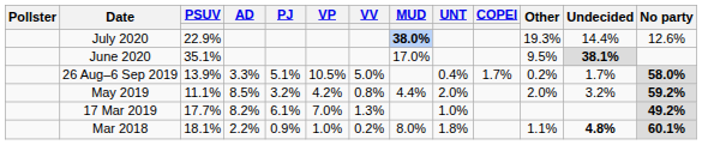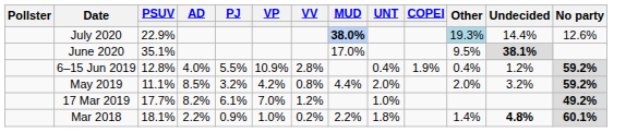 <table class="wikitable sortable" style="text-align:center;font-size:95%;line-height:14px;">
 <tr>
 <th rowspan="2">Pollster</th>
 <th rowspan="2">Date</th>
 <th style="width:40px;"><a href='#'>PSUV</a></th>
 <th style="width:40px;"><a href='#'>AD</a></th>
 <th style="width:40px;"><a href='#'>PJ</a></th>
 <th style="width:40px;"><a href='#'>VP</a></th>
 <th style="width:40px;"><a href='#'>VV</a></th>
 <th style="width:40px;"><a href='#'>MUD</a></th>
 <th style="width:40px;"><a href='#'>UNT</a></th>
 <th style="width:40px;"><a href='#'>COPEI</a></th>
 <th rowspan="2">Other</th>
 <th rowspan="2">Undecided</th>
 <th rowspan="2">No party</th>
 </tr>
 <tr>
 <th style="background:"></th>
 <th style="background:"></th>
 <th style="background:"></th>
 <th style="background:"></th>
 <th style="background:"></th>
 <th style="background:"></th>
 <th style="background:"></th>
 <th style="background:"></th>
 </tr>
 <tr>
 <td></td>
 <td data-sort-value="2020-07-15">July 2020</td>
 <td>22.9%</td>
 <td></td>
 <td></td>
 <td></td>
 <td></td>
 <td style="background:#B9D2F9"><strong>38.0%</strong></td>
 <td></td>
 <td></td>
-<td>19.3%</td>
+<td style="background: lightblue;">19.3%</td>
 <td>14.4%</td>
 <td>12.6%</td>
 </tr>
 <tr>
 <td></td>
 <td data-sort-value="2020-06-15">June 2020</td>
 <td>35.1%</td>
 <td></td>
 <td></td>
 <td></td>
 <td></td>
 <td>17.0%</td>
 <td></td>
 <td></td>
 <td>9.5%</td>
 <td style="background:#DCDCDC"><strong>38.1%</strong></td>
 <td></td>
 </tr>
 <tr>
 <td></td>
-<td data-sort-value="2019-09-26">26 Aug–6 Sep 2019</td>
-<td>13.9%</td>
-<td>3.3%</td>
-<td>5.1%</td>
-<td>10.5%</td>
-<td>5.0%</td>
+<td data-sort-value="2019-06-15">6–15 Jun 2019</td>
+<td>12.8%</td>
+<td>4.0%</td>
+<td>5.5%</td>
+<td>10.9%</td>
+<td>2.8%</td>
 <td></td>
 <td>0.4%</td>
-<td>1.7%</td>
-<td>0.2%</td>
-<td>1.7%</td>
-<td style="background:#DCDCDC"><strong>58.0%</strong></td>
+<td>1.9%</td>
+<td>0.4%</td>
+<td>1.2%</td>
+<td style="background:#DCDCDC"><strong>59.2%</strong></td>
 </tr>
 <tr>
 <td></td>
 <td data-sort-value="2019-05-15">May 2019</td>
 <td>11.1%</td>
 <td>8.5%</td>
 <td>3.2%</td>
 <td>4.2%</td>
 <td>0.8%</td>
 <td>4.4%</td>
 <td>2.0%</td>
 <td></td>
 <td>2.0%</td>
 <td>3.2%</td>
 <td style="background:#DCDCDC"><strong>59.2%</strong></td>
 </tr>
 <tr>
 <td></td>
 <td data-sort-value="2019-03-17">17 Mar 2019</td>
 <td>17.7%</td>
 <td>8.2%</td>
 <td>6.1%</td>
 <td>7.0%</td>
-<td>1.3%</td>
+<td>1.2%</td>
 <td></td>
 <td>1.0%</td>
 <td></td>
 <td></td>
 <td></td>
 <td style="background:#DCDCDC"><strong>49.2%</strong></td>
 </tr>
 <tr>
 <td></td>
 <td data-sort-value="2018-03-15">Mar 2018</td>
 <td>18.1%</td>
 <td>2.2%</td>
 <td>0.9%</td>
 <td>1.0%</td>
 <td>0.2%</td>
-<td>8.0%</td>
+<td>2.2%</td>
 <td>1.8%</td>
 <td></td>
-<td>1.1%</td>
+<td>1.4%</td>
 <td><strong>4.8%</strong></td>
 <td style="background:#DCDCDC"><strong>60.1%</strong></td>
 </tr>
 </table>
